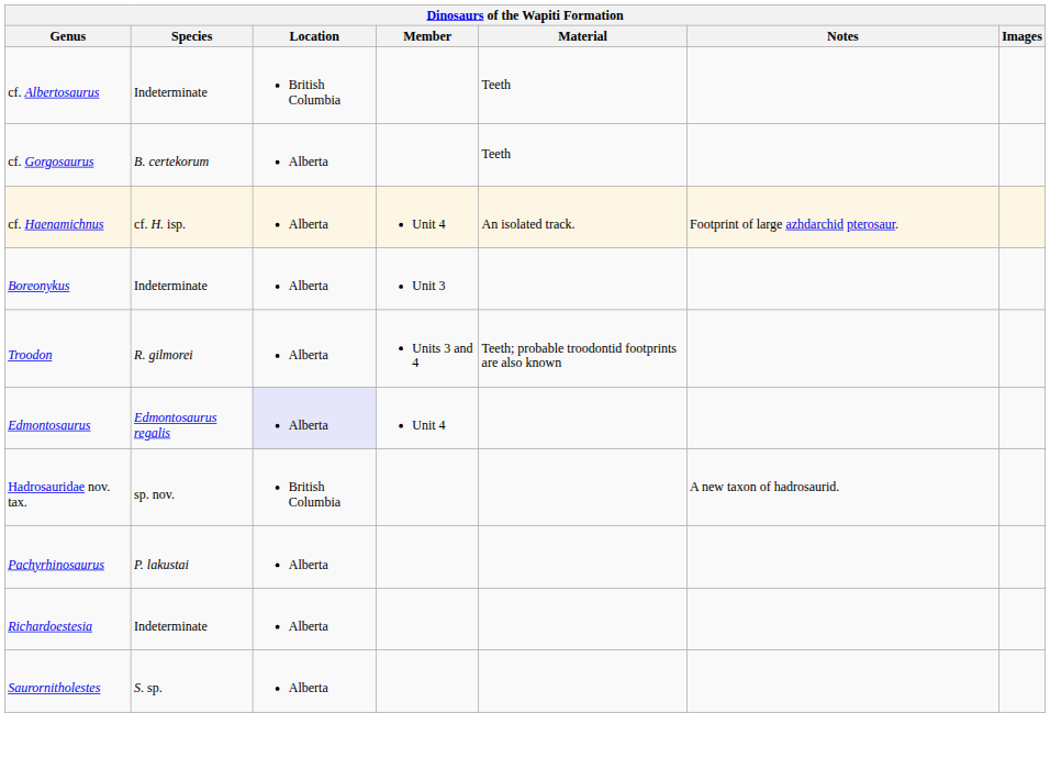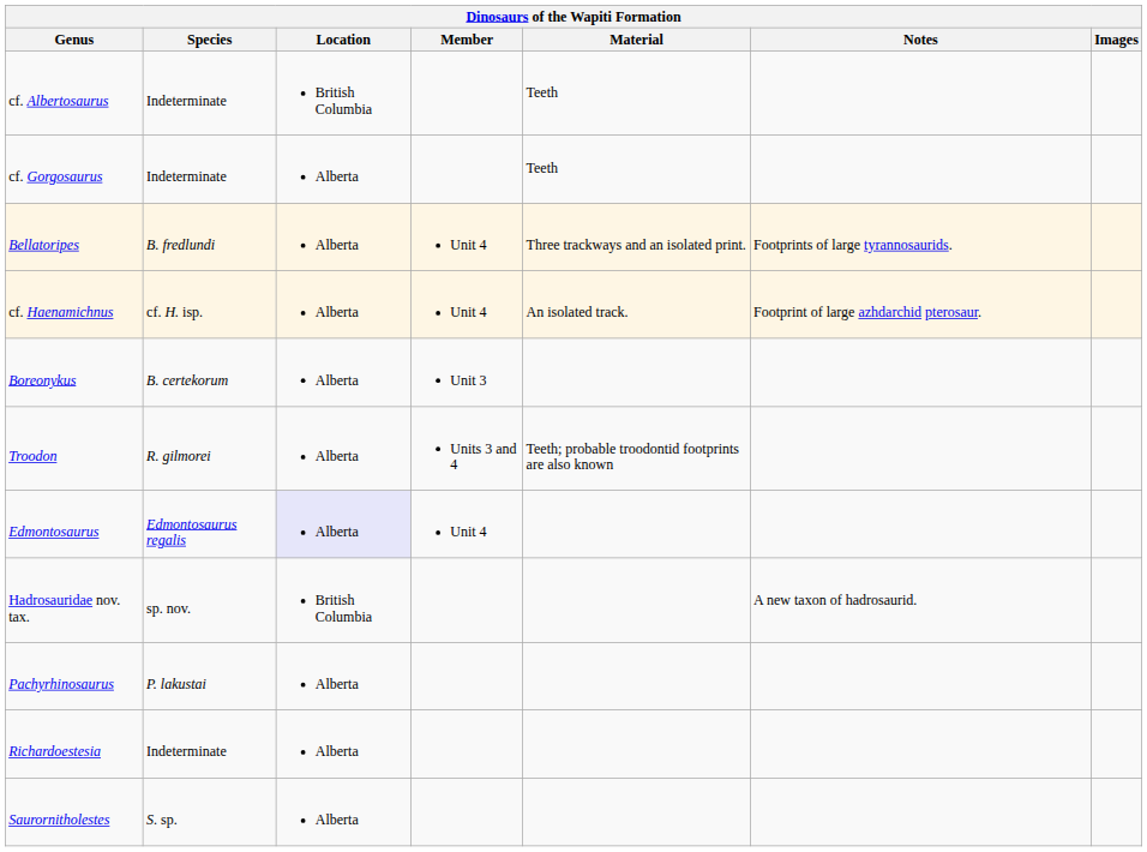 <table class="wikitable" align="center" width="100%">
 <tr>
 <th colspan="7" align="center"><strong><a href='#'>Dinosaurs</a> of the Wapiti Formation</strong></th>
 </tr>
 <tr>
 <th>Genus</th>
 <th>Species</th>
 <th>Location</th>
 <th>Member</th>
 <th width="20%">Material</th>
 <th width="30%">Notes</th>
 <th>Images</th>
 </tr>
 <tr>
 <td><br>cf. <em><a href='#'>Albertosaurus</a></em></td>
 <td><br>Indeterminate</td>
 <td><br><ul><li>British Columbia</li></ul></td>
 <td><br></td>
 <td>Teeth<br></td>
 <td><br></td>
 <td><br>  </td>
 </tr>
 <tr>
 <td><br>cf. <em><a href='#'>Gorgosaurus</a></em></td>
-<td><br><em>B. certekorum</em></td>
+<td><br>Indeterminate</td>
 <td><br><ul><li>Alberta</li></ul></td>
 <td><br></td>
 <td>Teeth<br></td>
 <td><br></td>
 <td><br>  </td>
+</tr>
+<tr>
+<td style="background:#FEF6E4;"><br><em><a href='#'>Bellatoripes</a></em></td>
+<td style="background:#FEF6E4;"><br><em>B. fredlundi</em></td>
+<td style="background:#FEF6E4;"><br><ul><li>Alberta</li></ul></td>
+<td style="background:#FEF6E4;"><br><ul><li>Unit 4</li></ul></td>
+<td style="background:#FEF6E4;"><br>Three trackways and an isolated print.</td>
+<td style="background:#FEF6E4;"><br>Footprints of large <a href='#'>tyrannosaurids</a>.</td>
+<td style="background:#FEF6E4;"></td>
 </tr>
 <tr>
 <td style="background:#FEF6E4;"><br>cf. <em><a href='#'>Haenamichnus</a></em></td>
 <td style="background:#FEF6E4;"><br>cf. <em>H.</em> isp.</td>
 <td style="background:#FEF6E4;"><br><ul><li>Alberta</li></ul></td>
 <td style="background:#FEF6E4;"><br><ul><li>Unit 4</li></ul></td>
 <td style="background:#FEF6E4;"><br>An isolated track.</td>
 <td style="background:#FEF6E4;"><br>Footprint of large <a href='#'>azhdarchid</a> <a href='#'>pterosaur</a>.</td>
 <td style="background:#FEF6E4;"></td>
 </tr>
 <tr>
 <td><br><em><a href='#'>Boreonykus</a></em></td>
-<td><br>Indeterminate</td>
+<td><br><em>B. certekorum</em></td>
 <td><br><ul><li>Alberta</li></ul></td>
 <td><br><ul><li>Unit 3</li></ul></td>
 <td><br></td>
 <td><br></td>
 <td><br></td>
 </tr>
 <tr>
 <td><br><em><a href='#'>Troodon</a></em></td>
 <td><br><em>R. gilmorei</em></td>
 <td><br><ul><li>Alberta</li></ul></td>
 <td><br><ul><li>Units 3 and 4</li></ul></td>
 <td><br>Teeth; probable troodontid footprints are also known</td>
 <td><br></td>
 <td></td>
 </tr>
 <tr>
 <td><br><em><a href='#'>Edmontosaurus</a></em></td>
 <td><br><em><a href='#'>Edmontosaurus regalis</a></em></td>
 <td style="background: lavender;"><br><ul><li>Alberta</li></ul></td>
 <td><br><ul><li>Unit 4</li></ul></td>
 <td><br></td>
 <td><br></td>
 <td><br></td>
 </tr>
 <tr>
 <td><br><a href='#'>Hadrosauridae</a> nov. tax.</td>
 <td><br>sp. nov.</td>
 <td><br><ul><li>British Columbia</li></ul></td>
 <td><br></td>
 <td><br></td>
 <td>A new taxon of hadrosaurid.<br></td>
 <td><br>  </td>
 </tr>
 <tr>
 <td><br><em><a href='#'>Pachyrhinosaurus</a></em></td>
 <td><br><em>P. lakustai</em></td>
 <td><br><ul><li>Alberta</li></ul></td>
 <td><br></td>
 <td><br></td>
 <td><br></td>
 <td><br></td>
 </tr>
 <tr>
 <td><br><em><a href='#'>Richardoestesia</a></em></td>
 <td><br>Indeterminate</td>
 <td><br><ul><li>Alberta</li></ul></td>
 <td><br></td>
 <td><br></td>
 <td><br></td>
 <td><br> </td>
 </tr>
 <tr>
 <td><br><em><a href='#'>Saurornitholestes</a></em></td>
 <td><br><em>S</em>. sp.</td>
 <td><br><ul><li>Alberta</li></ul></td>
 <td><br></td>
 <td><br></td>
 <td><br></td>
 <td><br></td>
 </tr>
 </table>
